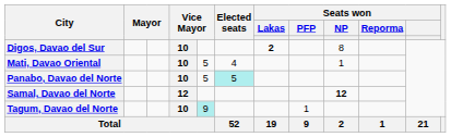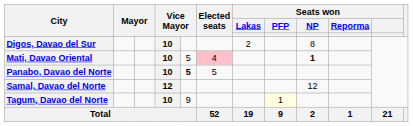 <table class="wikitable" style="text-align:center; font-size: 0.9em;">
 <tr>
 <th rowspan="3">City</th>
 <th colspan="2" rowspan="3" style="width:60px;">Mayor</th>
 <th colspan="2" rowspan="3" style="width:60px;">Vice Mayor</th>
 <th rowspan="3">Elected<br>seats</th>
 <th colspan="5">Seats won</th>
 <th rowspan="3"></th>
 </tr>
 <tr>
 <th class="unsortable" style="width:45px;"><a href='#'>Lakas</a></th>
 <th class="unsortable" style="width:45px;"><a href='#'>PFP</a></th>
 <th class="unsortable" style="width:45px;"><a href='#'>NP</a></th>
 <th class="unsortable" style="width:45px;"><a href='#'>Reporma</a></th>
 <th class="unsortable" style="width:45px;"></th>
 </tr>
 <tr>
 <th style="color:inherit;background:"></th>
 <th style="color:inherit;background:"></th>
 <th style="color:inherit;background:"></th>
 <th style="color:inherit;background:"></th>
 <th style="color:inherit;background:"></th>
 </tr>
 <tr>
 <th style="text-align: left;"><a href='#'>Digos, Davao del Sur</a></th>
 <td></td>
 <td></td>
 <th>10</th>
 <td></td>
 <td></td>
-<td><strong>2</strong></td>
+<td>2</td>
 <td></td>
 <td>8</td>
 <td></td>
 </tr>
 <tr>
 <th style="text-align: left;"><a href='#'>Mati, Davao Oriental</a></th>
 <td></td>
 <td></td>
 <th>10</th>
 <td>5</td>
-<td>4</td>
+<td style="background: pink;">4</td>
 <td></td>
 <td></td>
-<td>1</td>
+<td><strong>1</strong></td>
 <td></td>
 </tr>
 <tr>
 <th style="text-align: left;"><a href='#'>Panabo, Davao del Norte</a></th>
 <td></td>
 <td></td>
 <th>10</th>
+<td><strong>5</strong></td>
 <td>5</td>
-<td style="background: paleturquoise;">5</td>
 <td></td>
 <td></td>
 <td></td>
 <td></td>
 </tr>
 <tr>
 <th style="text-align: left;"><a href='#'>Samal, Davao del Norte</a></th>
 <td></td>
 <td></td>
 <th>12</th>
 <td></td>
 <td></td>
 <td></td>
 <td></td>
-<td><strong>12</strong></td>
+<td>12</td>
 <td></td>
 </tr>
 <tr>
 <th style="text-align: left;"><a href='#'>Tagum, Davao del Norte</a></th>
 <td></td>
 <td></td>
 <th>10</th>
-<td style="background: paleturquoise;">9</td>
+<td>9</td>
 <td></td>
 <td></td>
-<td>1</td>
+<td style="background: lightyellow;">1</td>
 <td></td>
 <td></td>
 </tr>
 <tr>
 <th colspan="5">Total</th>
 <th>52</th>
 <th>19</th>
 <th>9</th>
 <th>2</th>
 <th>1</th>
 <th>21</th>
 <th></th>
 </tr>
 </table>
